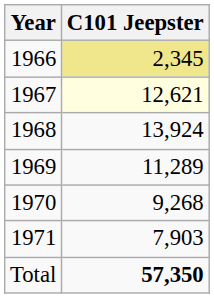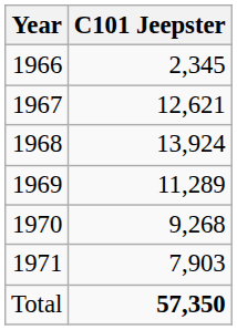 <table class="wikitable" style="text-align:right; width:%;">
 <tr>
 <th>Year</th>
 <th>C101 Jeepster</th>
 </tr>
 <tr>
 <td>1966</td>
-<td style="background: khaki;">2,345</td>
+<td>2,345</td>
 </tr>
 <tr>
 <td>1967</td>
-<td style="background: lightyellow;">12,621</td>
+<td>12,621</td>
 </tr>
 <tr>
 <td>1968</td>
 <td>13,924</td>
 </tr>
 <tr>
 <td>1969</td>
 <td>11,289</td>
 </tr>
 <tr>
 <td>1970</td>
 <td>9,268</td>
 </tr>
 <tr>
 <td>1971</td>
 <td>7,903</td>
 </tr>
 <tr>
 <td>Total</td>
 <td><strong>57,350</strong></td>
 </tr>
 </table>
